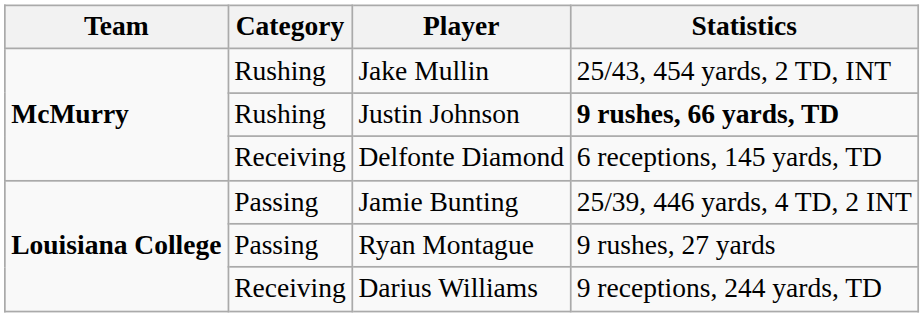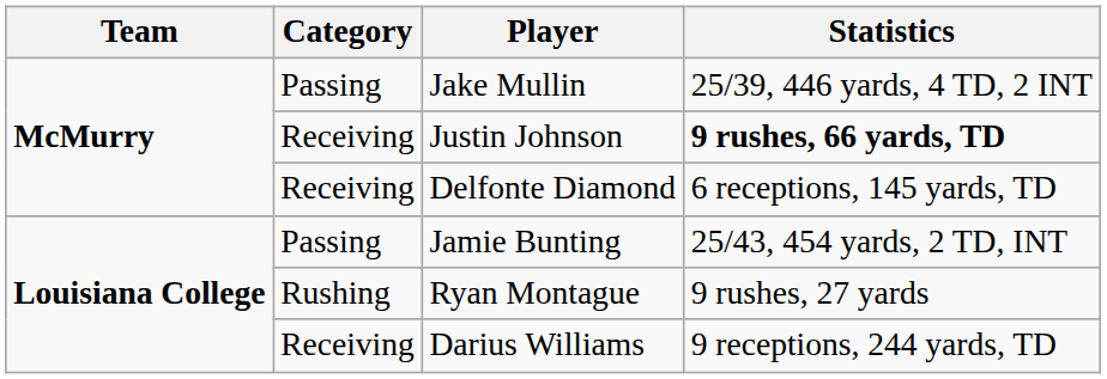 <table class="wikitable" style="float: left;">
 <tr>
 <th>Team</th>
 <th>Category</th>
 <th>Player</th>
 <th>Statistics</th>
 </tr>
 <tr>
 <td rowspan=3><strong>McMurry</strong></td>
-<td>Rushing</td>
+<td>Passing</td>
 <td>Jake Mullin</td>
-<td>25/43, 454 yards, 2 TD, INT</td>
+<td>25/39, 446 yards, 4 TD, 2 INT</td>
 </tr>
 <tr>
-<td>Rushing</td>
+<td>Receiving</td>
 <td>Justin Johnson</td>
 <td><strong>9 rushes, 66 yards, TD</strong></td>
 </tr>
 <tr>
 <td>Receiving</td>
 <td>Delfonte Diamond</td>
 <td>6 receptions, 145 yards, TD</td>
 </tr>
 <tr>
 <td rowspan=3><strong>Louisiana College</strong></td>
 <td>Passing</td>
 <td>Jamie Bunting</td>
-<td>25/39, 446 yards, 4 TD, 2 INT</td>
+<td>25/43, 454 yards, 2 TD, INT</td>
 </tr>
 <tr>
-<td>Passing</td>
+<td>Rushing</td>
 <td>Ryan Montague</td>
 <td>9 rushes, 27 yards</td>
 </tr>
 <tr>
 <td>Receiving</td>
 <td>Darius Williams</td>
 <td>9 receptions, 244 yards, TD</td>
 </tr>
 </table>
